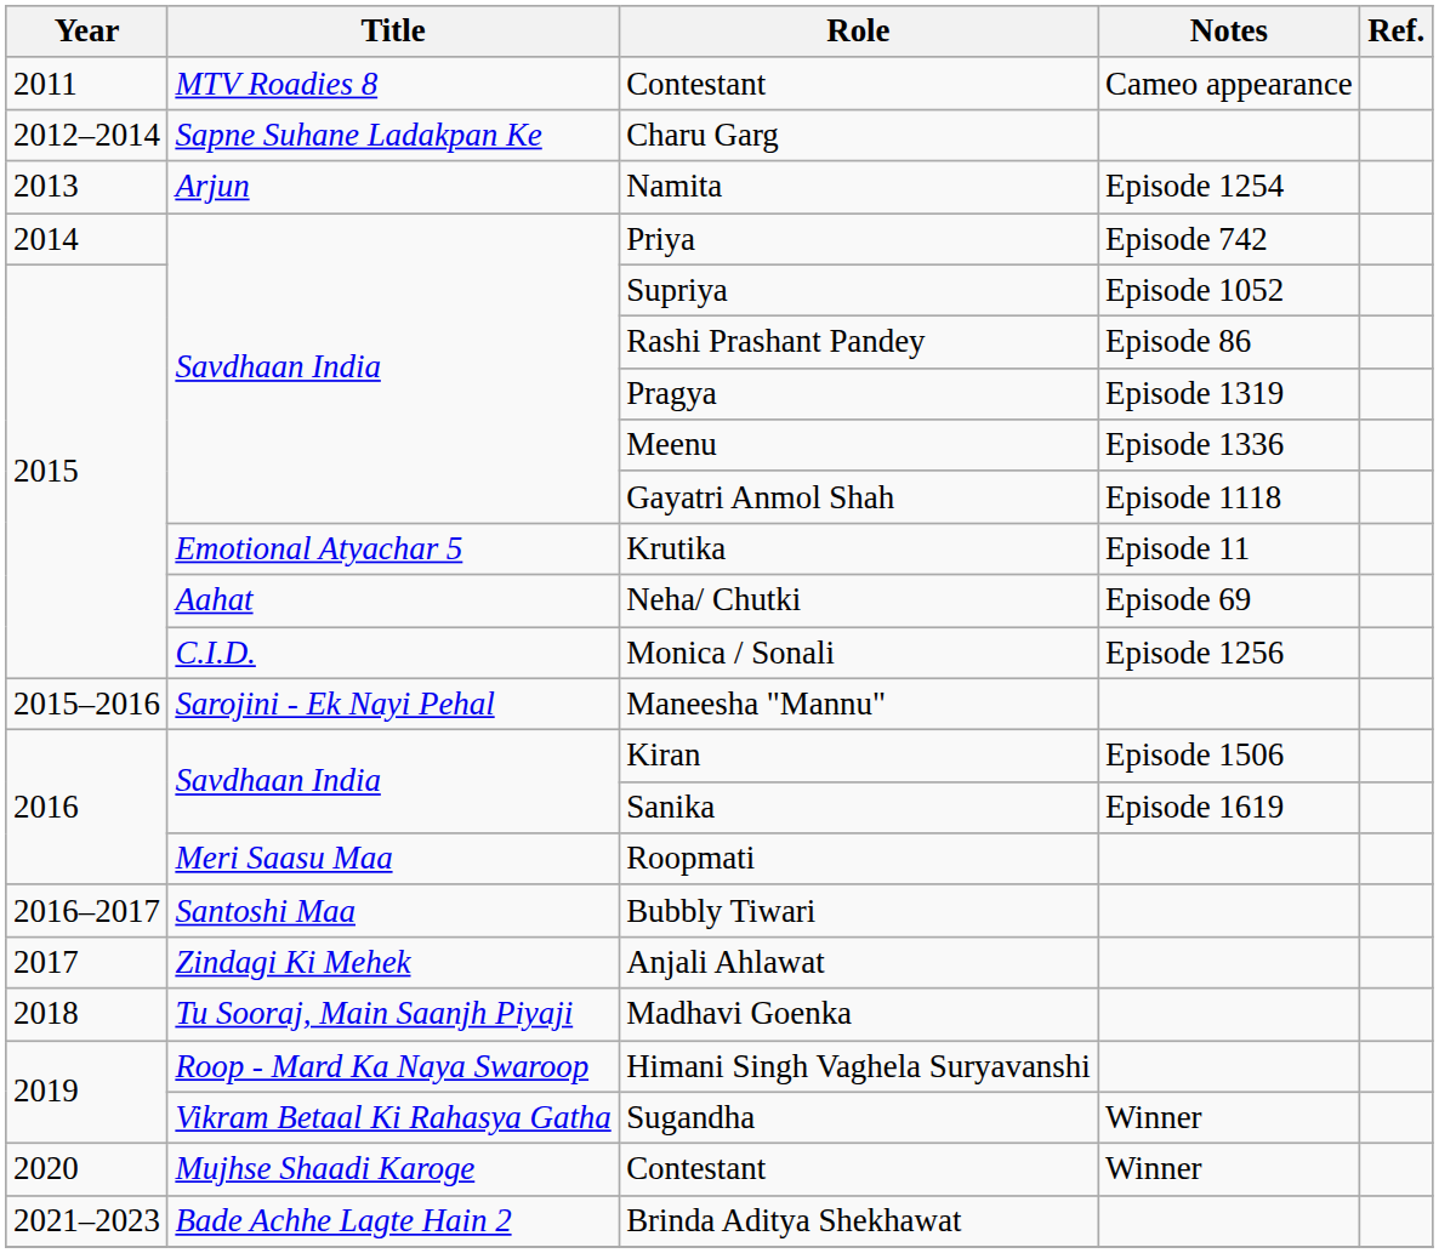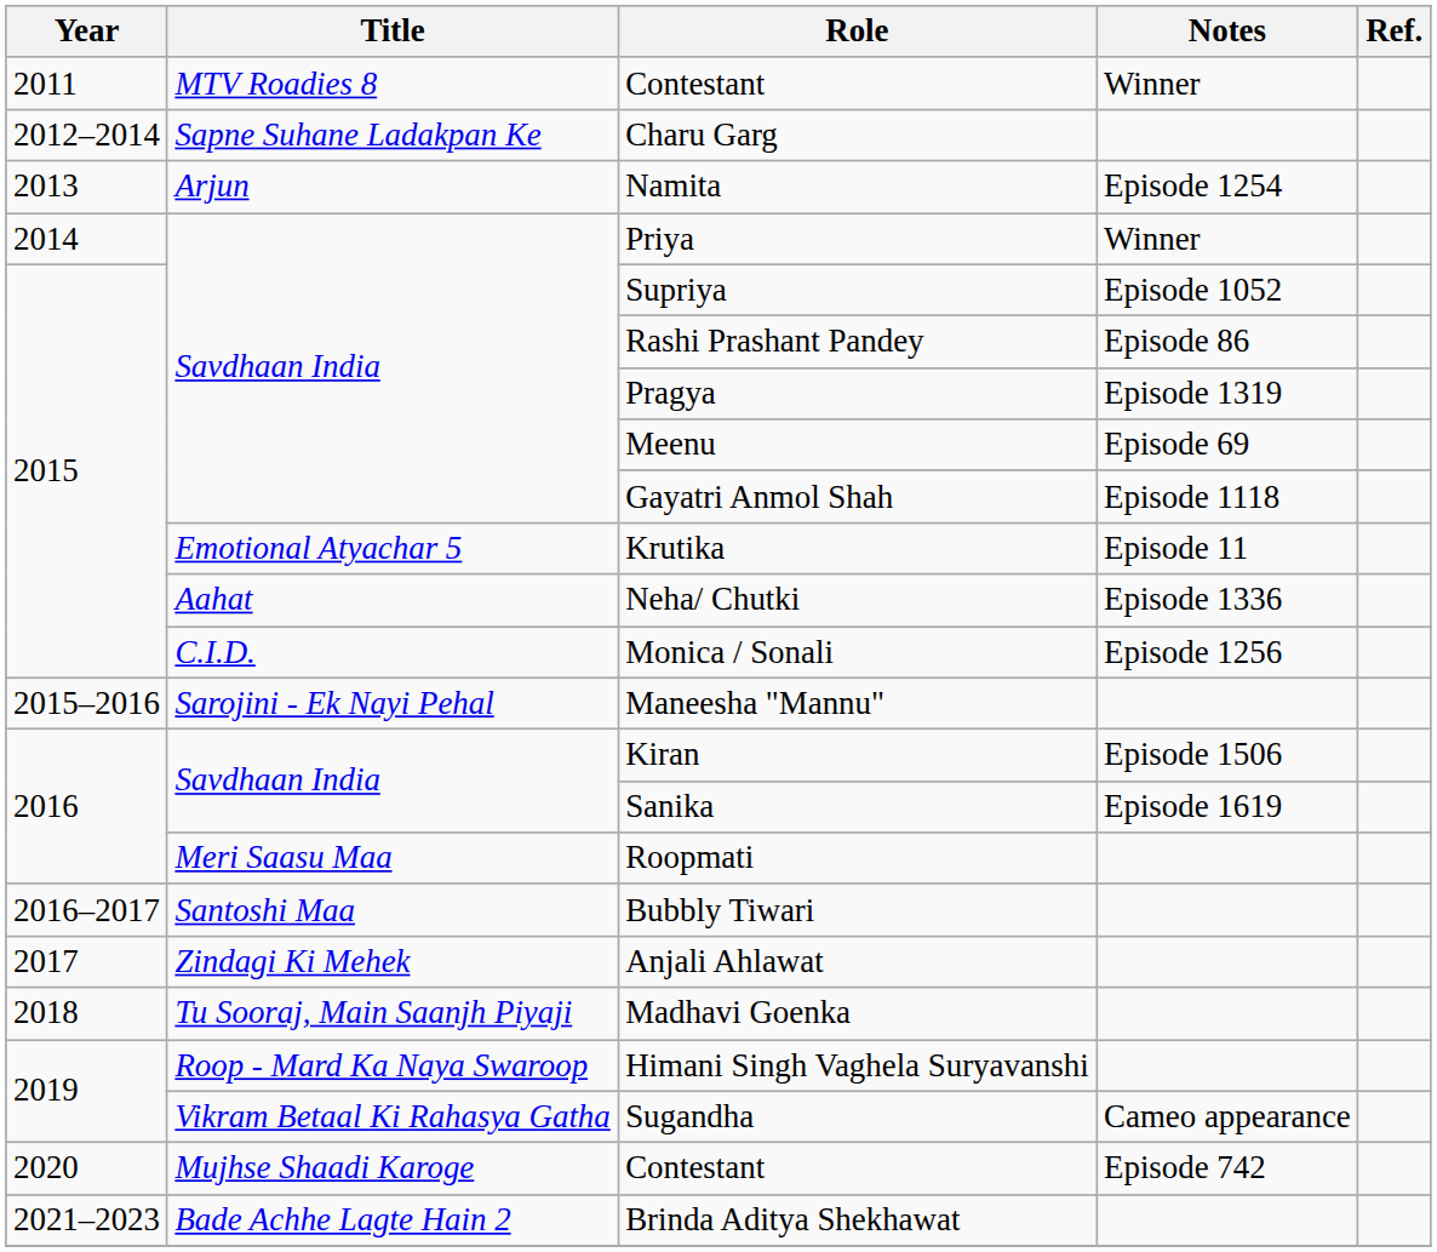 <table class="wikitable sortable">
 <tr>
 <th>Year</th>
 <th>Title</th>
 <th>Role</th>
 <th>Notes</th>
 <th>Ref.</th>
 </tr>
 <tr>
 <td>2011</td>
 <td><em><a href='#'>MTV Roadies 8</a></em></td>
 <td>Contestant</td>
-<td>Cameo appearance</td>
+<td>Winner</td>
 <td></td>
 </tr>
 <tr>
 <td>2012–2014</td>
 <td><em><a href='#'>Sapne Suhane Ladakpan Ke</a></em></td>
 <td>Charu Garg</td>
 <td></td>
 <td></td>
 </tr>
 <tr>
 <td>2013</td>
 <td><em><a href='#'>Arjun</a></em></td>
 <td>Namita</td>
 <td>Episode 1254</td>
 <td></td>
 </tr>
 <tr>
 <td>2014</td>
 <td rowspan="6"><em><a href='#'>Savdhaan India</a></em></td>
 <td>Priya</td>
-<td>Episode 742</td>
+<td>Winner</td>
 <td></td>
 </tr>
 <tr>
 <td rowspan="8">2015</td>
 <td>Supriya</td>
 <td>Episode 1052</td>
 <td></td>
 </tr>
 <tr>
 <td>Rashi Prashant Pandey</td>
 <td>Episode 86</td>
 <td></td>
 </tr>
 <tr>
 <td>Pragya</td>
 <td>Episode 1319</td>
 <td></td>
 </tr>
 <tr>
 <td>Meenu</td>
-<td>Episode 1336</td>
+<td>Episode 69</td>
 <td></td>
 </tr>
 <tr>
 <td>Gayatri Anmol Shah</td>
 <td>Episode 1118</td>
 <td></td>
 </tr>
 <tr>
 <td><em><a href='#'>Emotional Atyachar 5</a></em></td>
 <td>Krutika</td>
 <td>Episode 11</td>
 <td></td>
 </tr>
 <tr>
 <td><em><a href='#'>Aahat</a></em></td>
 <td>Neha/ Chutki</td>
-<td>Episode 69</td>
+<td>Episode 1336</td>
 <td></td>
 </tr>
 <tr>
 <td><em><a href='#'>C.I.D.</a></em></td>
 <td>Monica / Sonali</td>
 <td>Episode 1256</td>
 <td></td>
 </tr>
 <tr>
 <td>2015–2016</td>
 <td><em><a href='#'>Sarojini - Ek Nayi Pehal</a></em></td>
 <td>Maneesha "Mannu"</td>
 <td></td>
 <td></td>
 </tr>
 <tr>
 <td rowspan="3">2016</td>
 <td rowspan="2"><em><a href='#'>Savdhaan India</a></em></td>
 <td>Kiran</td>
 <td>Episode 1506</td>
 <td></td>
 </tr>
 <tr>
 <td>Sanika</td>
 <td>Episode 1619</td>
 <td></td>
 </tr>
 <tr>
 <td><em><a href='#'>Meri Saasu Maa</a></em></td>
 <td>Roopmati</td>
 <td></td>
 <td></td>
 </tr>
 <tr>
 <td>2016–2017</td>
 <td><em><a href='#'>Santoshi Maa</a></em></td>
 <td>Bubbly Tiwari</td>
 <td></td>
 <td></td>
 </tr>
 <tr>
 <td>2017</td>
 <td><em><a href='#'>Zindagi Ki Mehek</a></em></td>
 <td>Anjali Ahlawat</td>
 <td></td>
 <td></td>
 </tr>
 <tr>
 <td>2018</td>
 <td><em><a href='#'>Tu Sooraj, Main Saanjh Piyaji</a></em></td>
 <td>Madhavi Goenka</td>
 <td></td>
 <td></td>
 </tr>
 <tr>
 <td rowspan="2">2019</td>
 <td><em><a href='#'>Roop - Mard Ka Naya Swaroop</a></em></td>
 <td>Himani Singh Vaghela Suryavanshi</td>
 <td></td>
 <td></td>
 </tr>
 <tr>
 <td><em><a href='#'>Vikram Betaal Ki Rahasya Gatha</a></em></td>
 <td>Sugandha</td>
-<td>Winner</td>
+<td>Cameo appearance</td>
 <td></td>
 </tr>
 <tr>
 <td>2020</td>
 <td><em><a href='#'>Mujhse Shaadi Karoge</a></em></td>
 <td>Contestant</td>
-<td>Winner</td>
+<td>Episode 742</td>
 <td></td>
 </tr>
 <tr>
 <td>2021–2023</td>
 <td><em><a href='#'>Bade Achhe Lagte Hain 2</a></em></td>
 <td>Brinda Aditya Shekhawat</td>
 <td></td>
 <td></td>
 </tr>
 <tr>
 </tr>
 </table>
